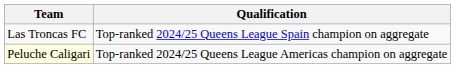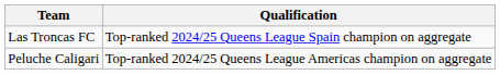 <table class="wikitable">
 <tr>
 <th>Team</th>
 <th>Qualification</th>
 </tr>
 <tr>
 <td> Las Troncas FC</td>
 <td>Top-ranked <a href='#'>2024/25 Queens League Spain</a> champion on aggregate</td>
 </tr>
 <tr>
-<td style="background: lightyellow;"> Peluche Caligari</td>
+<td> Peluche Caligari</td>
 <td>Top-ranked 2024/25 Queens League Americas champion on aggregate</td>
 </tr>
 </table>
